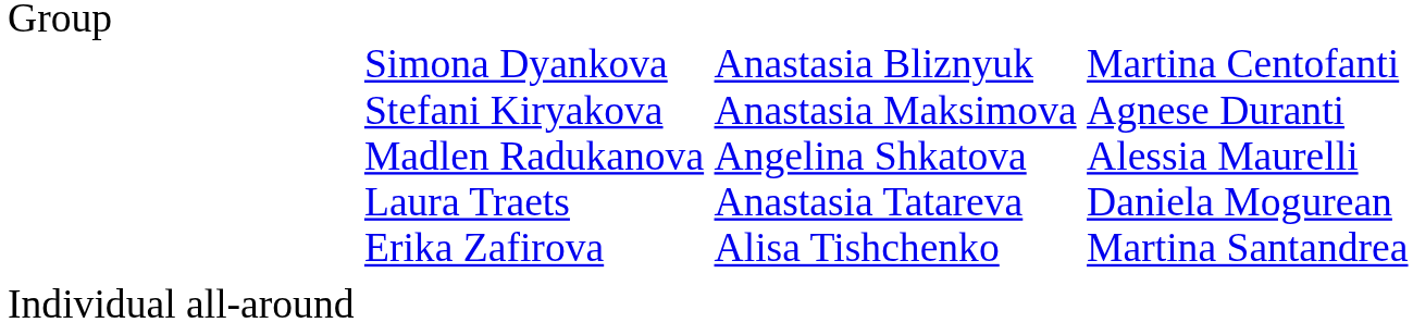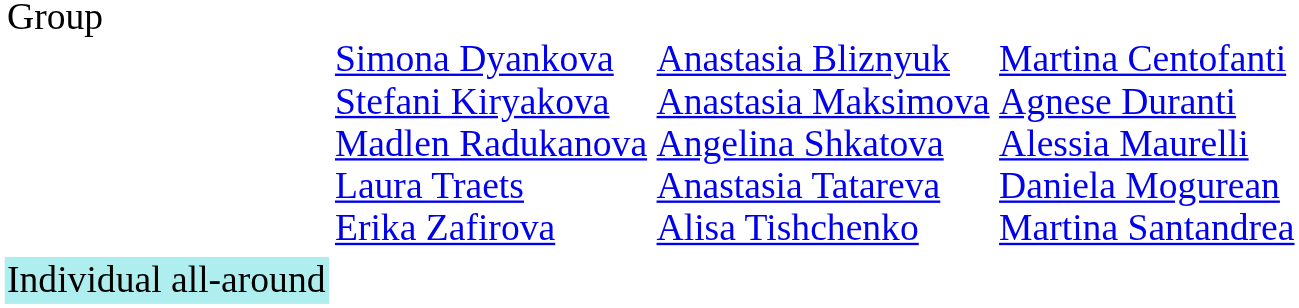 <table>
 <tr valign="top">
 <td>Group<br></td>
 <td><br><a href='#'>Simona Dyankova</a><br><a href='#'>Stefani Kiryakova</a><br><a href='#'>Madlen Radukanova</a><br><a href='#'>Laura Traets</a><br><a href='#'>Erika Zafirova</a></td>
 <td><br><a href='#'>Anastasia Bliznyuk</a><br><a href='#'>Anastasia Maksimova</a><br><a href='#'>Angelina Shkatova</a><br><a href='#'>Anastasia Tatareva</a><br><a href='#'>Alisa Tishchenko</a></td>
 <td><br><a href='#'>Martina Centofanti</a><br><a href='#'>Agnese Duranti</a><br><a href='#'>Alessia Maurelli</a><br><a href='#'>Daniela Mogurean</a><br><a href='#'>Martina Santandrea</a></td>
 </tr>
 <tr>
-<td>Individual all-around<br></td>
+<td style="background: paleturquoise;">Individual all-around<br></td>
 <td></td>
 <td></td>
 <td></td>
 </tr>
 <tr>
 </tr>
 </table>
